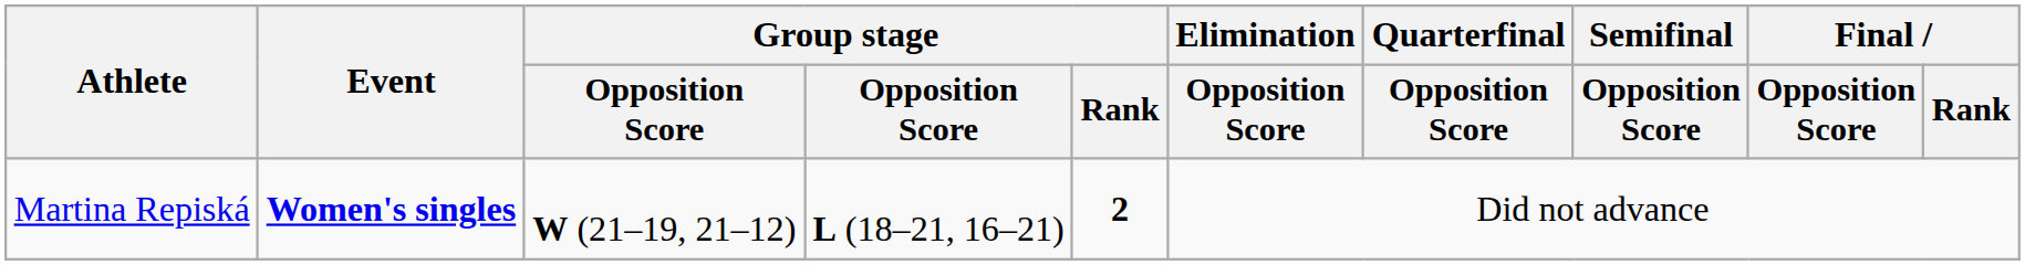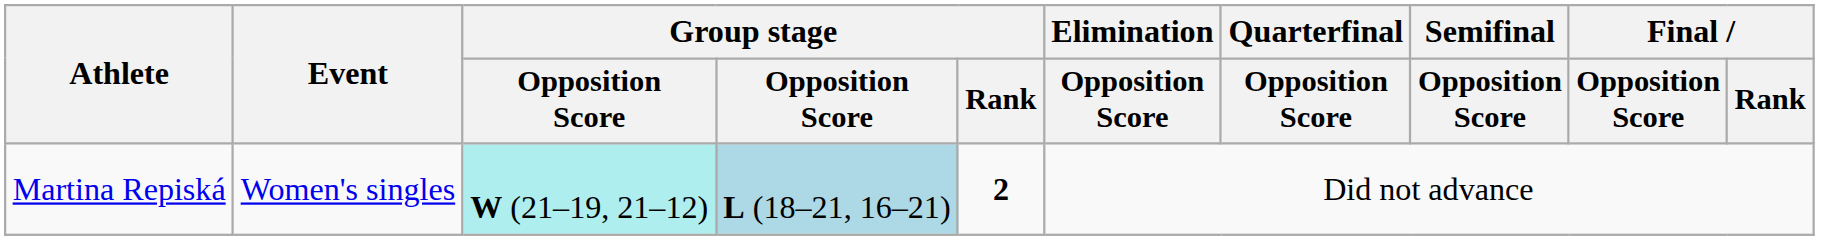 <table class="wikitable" style="font-size:90%">
 <tr>
 <th rowspan=2>Athlete</th>
 <th rowspan=2>Event</th>
 <th colspan=3>Group stage</th>
 <th>Elimination</th>
 <th>Quarterfinal</th>
 <th>Semifinal</th>
 <th colspan=2>Final / </th>
 </tr>
 <tr style="font-size:95%">
 <th>Opposition<br>Score</th>
 <th>Opposition<br>Score</th>
 <th>Rank</th>
 <th>Opposition<br>Score</th>
 <th>Opposition<br>Score</th>
 <th>Opposition<br>Score</th>
 <th>Opposition<br>Score</th>
 <th>Rank</th>
 </tr>
 <tr align=center>
 <td align=left><a href='#'>Martina Repiská</a></td>
-<td align="left"><strong><a href='#'>Women's singles</a></strong></td>
-<td><br><strong>W</strong> (21–19, 21–12)</td>
-<td><br><strong>L</strong> (18–21, 16–21)</td>
+<td align="left"><a href='#'>Women's singles</a></td>
+<td style="background: paleturquoise;"><br><strong>W</strong> (21–19, 21–12)</td>
+<td style="background: lightblue;"><br><strong>L</strong> (18–21, 16–21)</td>
 <td><strong>2</strong></td>
 <td colspan=5>Did not advance</td>
 </tr>
 </table>
